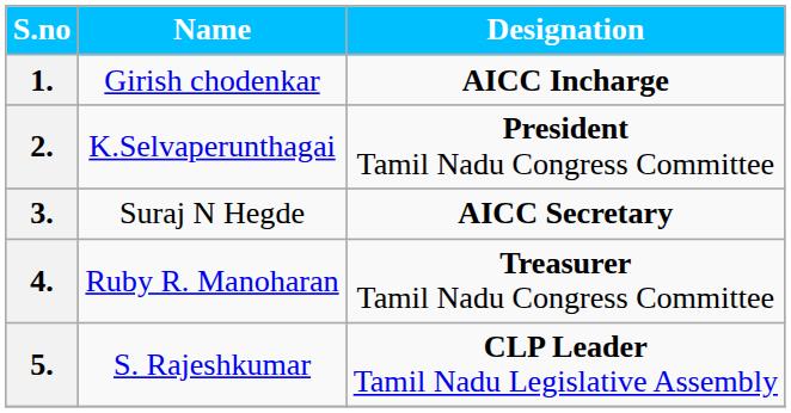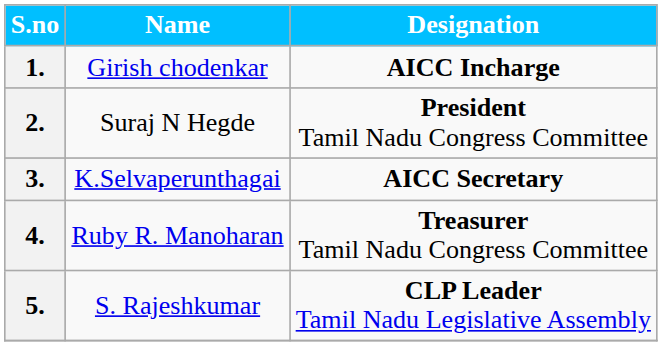 <table class="wikitable sortable" style="text-align:center;">
 <tr>
 <th Style="background-color:#00BFFF; color:white">S.no</th>
 <th Style="background-color:#00BFFF; color:white">Name</th>
 <th Style="background-color:#00BFFF; color:white">Designation</th>
 </tr>
 <tr>
 <th>1.</th>
 <td><a href='#'>Girish chodenkar </a></td>
 <td><strong>AICC Incharge </strong></td>
 </tr>
 <tr>
 <th>2.</th>
-<td><a href='#'>K.Selvaperunthagai</a></td>
+<td>Suraj N Hegde</td>
 <td><strong>President</strong><br>Tamil Nadu Congress Committee</td>
 </tr>
 <tr>
 <th>3.</th>
-<td>Suraj N Hegde</td>
+<td><a href='#'>K.Selvaperunthagai</a></td>
 <td><strong>AICC Secretary</strong></td>
 </tr>
 <tr>
 <th>4.</th>
 <td><a href='#'>Ruby R. Manoharan</a></td>
 <td><strong>Treasurer</strong><br>Tamil Nadu Congress Committee</td>
 </tr>
 <tr>
 <th>5.</th>
 <td><a href='#'>S. Rajeshkumar</a></td>
 <td><strong>CLP Leader</strong><br><a href='#'>Tamil Nadu Legislative Assembly</a></td>
 </tr>
 <tr>
 </tr>
 </table>
